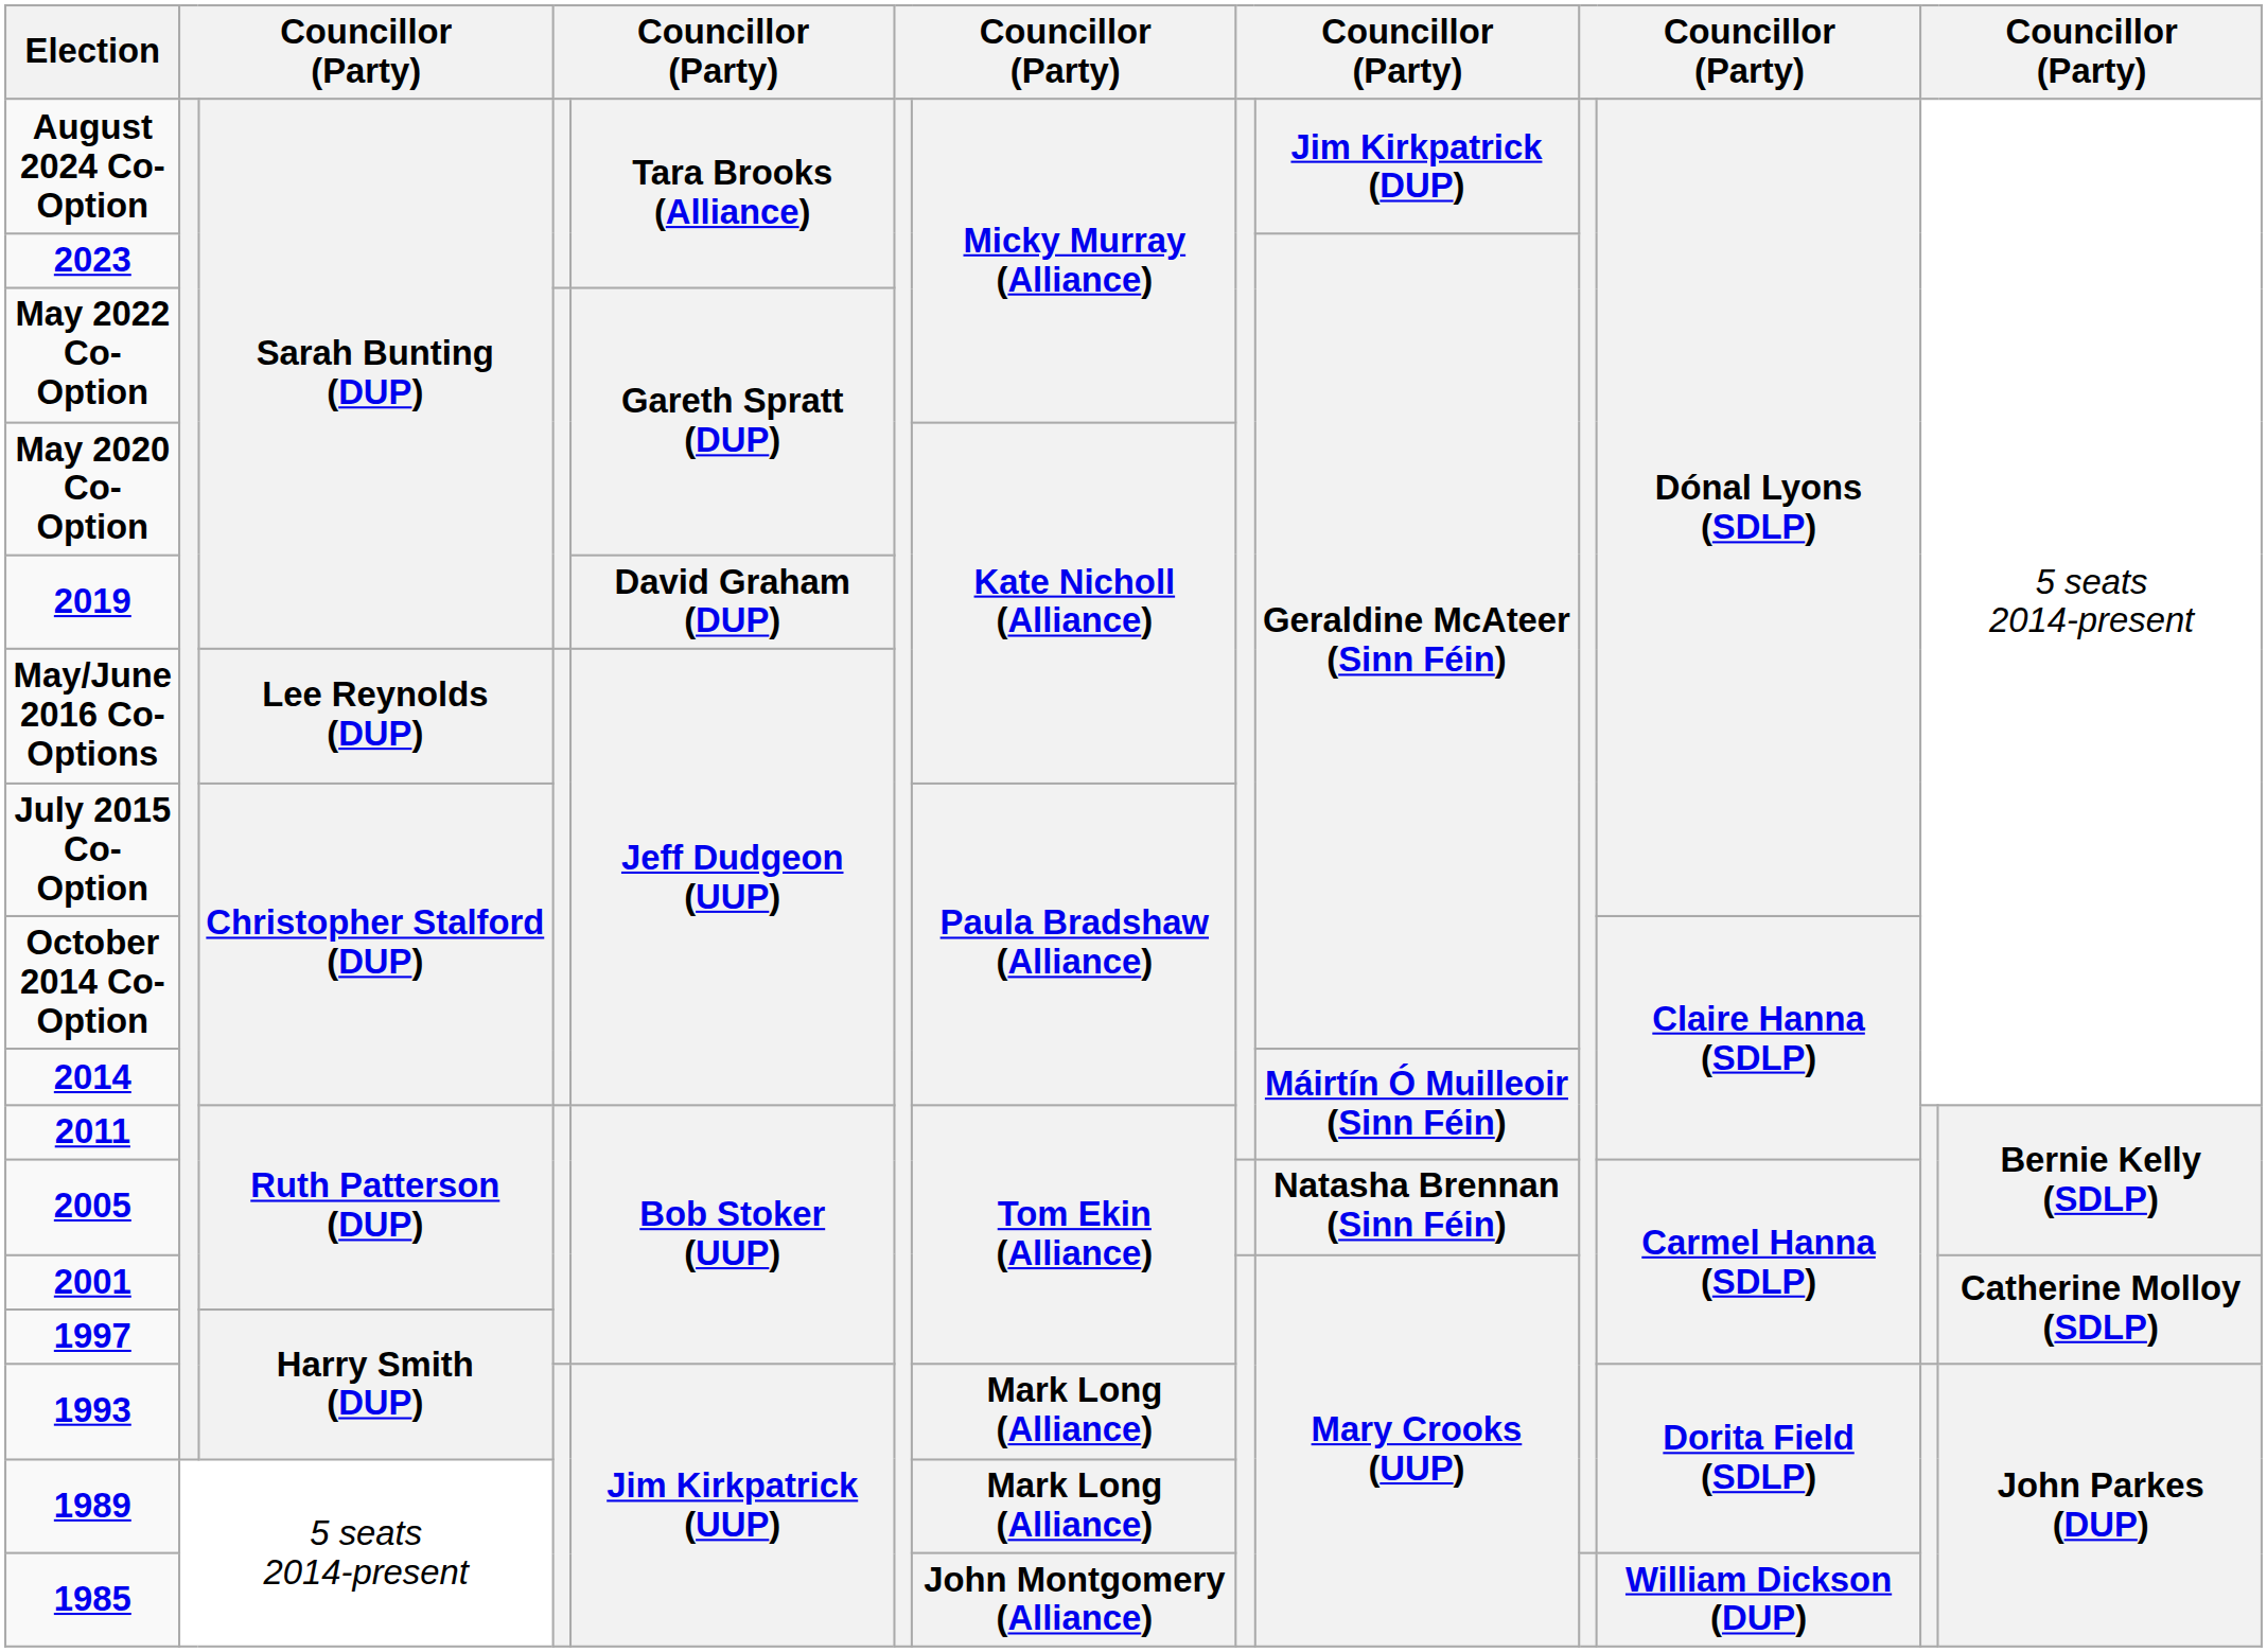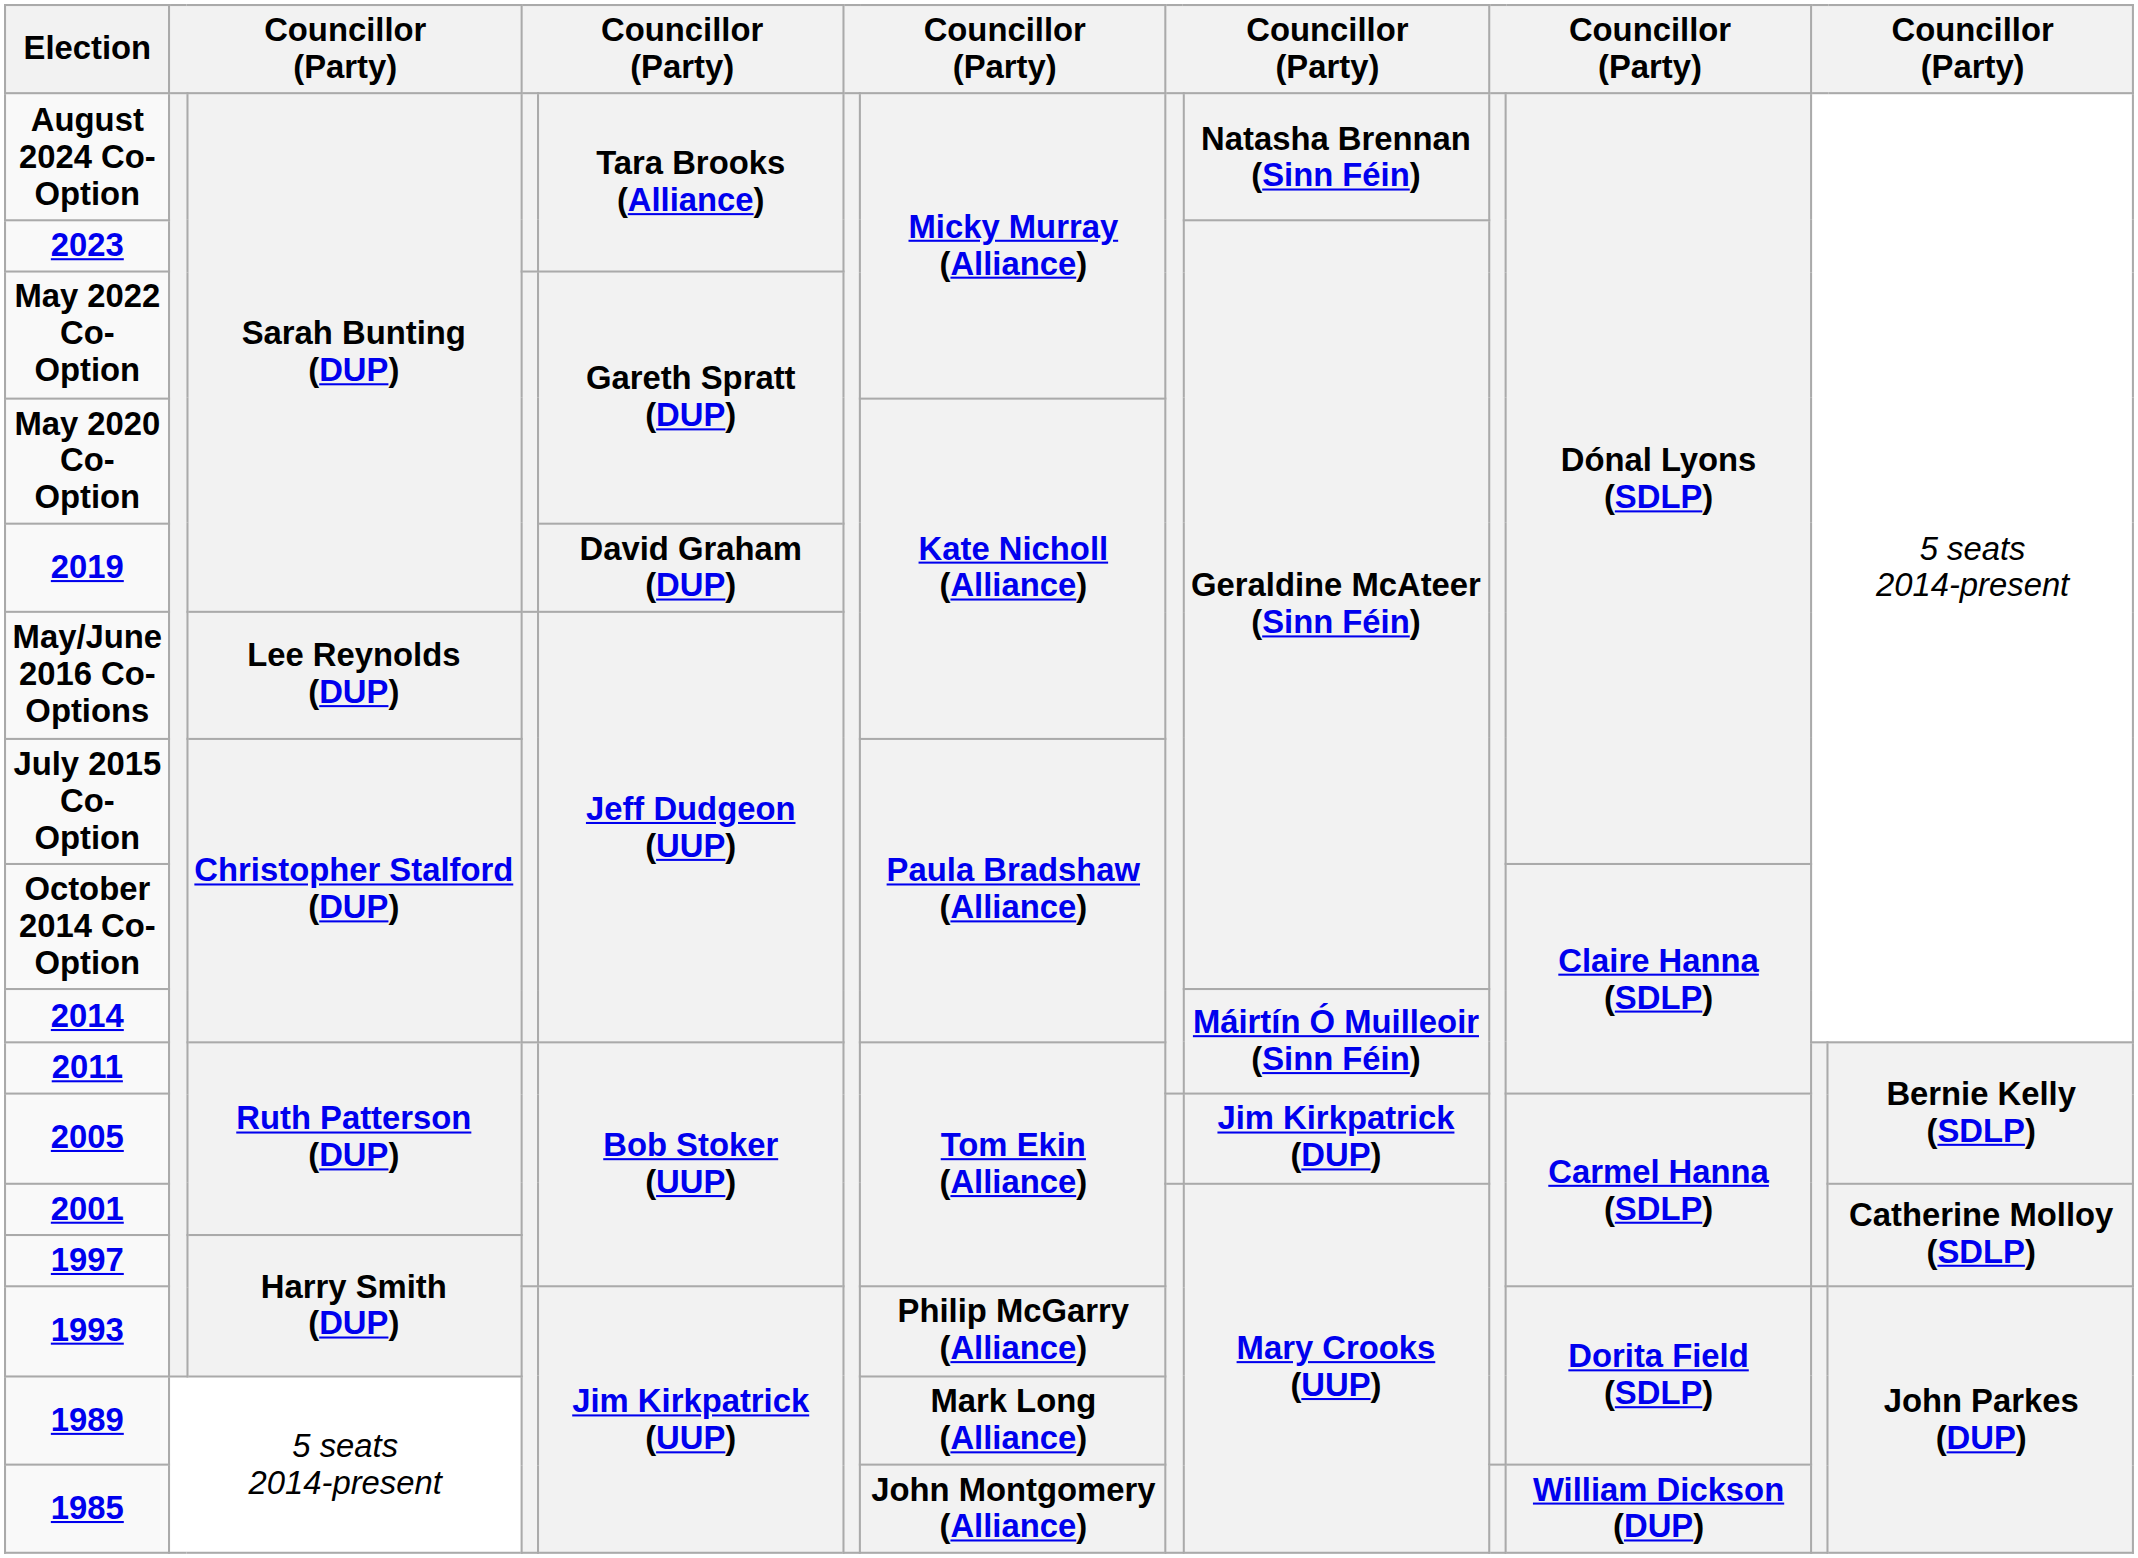 <table class="wikitable" style="text-align:center">
 <tr>
 <th scope="col" width="50">Election</th>
 <th scope="col" width="150" colspan = "2">Councillor<br> (Party)</th>
 <th scope="col" width="150" colspan = "2">Councillor<br> (Party)</th>
 <th scope="col" width="150" colspan = "2">Councillor<br> (Party)</th>
 <th scope="col" width="150" colspan = "2">Councillor<br> (Party)</th>
 <th scope="col" width="150" colspan = "2">Councillor<br> (Party)</th>
 <th scope="col" width="150" colspan = "2">Councillor<br> (Party)</th>
 </tr>
 <tr>
 <td><strong>August 2024 Co-Option</strong></td>
 <th rowspan="14" width="1" style="background-color: "></th>
 <th rowspan= "5">Sarah Bunting <br> (<a href='#'>DUP</a>)</th>
 <th rowspan="2" width="1" style="background-color: "></th>
 <th rowspan= "2">Tara Brooks <br> (<a href='#'>Alliance</a>)</th>
 <th rowspan="16" width="1" style="background-color: "></th>
 <th rowspan= "3"><a href='#'>Micky Murray</a> <br> (<a href='#'>Alliance</a>)</th>
 <th rowspan="10" width="1" style="background-color: "></th>
-<th rowspan= "1"><a href='#'>Jim Kirkpatrick</a> <br> (<a href='#'>DUP</a>)</th>
+<th rowspan= "1">Natasha Brennan <br> (<a href='#'>Sinn Féin</a>)</th>
 <th rowspan="15" width="1" style="background-color: "></th>
 <th rowspan= "7">Dónal Lyons <br> (<a href='#'>SDLP</a>)</th>
 <td colspan= "2" rowspan="9" style="background-color:#FFFFFF"><em>5 seats<br>2014-present</em></td>
 </tr>
 <tr>
 <td><strong><a href='#'>2023</a></strong></td>
 <th rowspan= "7">Geraldine McAteer <br> (<a href='#'>Sinn Féin</a>)</th>
 </tr>
 <tr>
 <td><strong>May 2022 Co-Option</strong></td>
 <th rowspan="3" width="1" style="background-color: "></th>
 <th rowspan= "2">Gareth Spratt <br> (<a href='#'>DUP</a>)</th>
 </tr>
 <tr>
 <td><strong>May 2020 Co-Option</strong></td>
 <th rowspan= "3"><a href='#'>Kate Nicholl</a> <br> (<a href='#'>Alliance</a>)</th>
 </tr>
 <tr>
 <td><strong><a href='#'>2019</a></strong></td>
 <th rowspan= "1">David Graham <br> (<a href='#'>DUP</a>)</th>
 </tr>
 <tr>
 <td><strong>May/June 2016 Co-Options</strong></td>
 <th rowspan= "1">Lee Reynolds <br> (<a href='#'>DUP</a>)</th>
 <th rowspan="4" width="1" style="background-color: "></th>
 <th rowspan= "4"><a href='#'>Jeff Dudgeon</a> <br> (<a href='#'>UUP</a>)</th>
 </tr>
 <tr>
 <td><strong>July 2015 Co-Option</strong></td>
 <th rowspan= "3"><a href='#'>Christopher Stalford</a> <br> (<a href='#'>DUP</a>)</th>
 <th rowspan= "3"><a href='#'>Paula Bradshaw</a> <br> (<a href='#'>Alliance</a>)</th>
 </tr>
 <tr>
 <td><strong>October 2014 Co-Option</strong></td>
 <th rowspan= "3"><a href='#'>Claire Hanna</a> <br> (<a href='#'>SDLP</a>)</th>
 </tr>
 <tr>
 <td><strong><a href='#'>2014</a></strong></td>
 <th rowspan= "2"><a href='#'>Máirtín Ó Muilleoir</a> <br> (<a href='#'>Sinn Féin</a>)</th>
 </tr>
 <tr>
 <td><strong><a href='#'>2011</a></strong></td>
 <th rowspan= "3"><a href='#'>Ruth Patterson</a><br> (<a href='#'>DUP</a>)</th>
 <th rowspan="4" width="1" style="background-color: "></th>
 <th rowspan= "4"><a href='#'>Bob Stoker</a> <br> (<a href='#'>UUP</a>)</th>
 <th rowspan= "4"><a href='#'>Tom Ekin</a> <br> (<a href='#'>Alliance</a>)</th>
 <th rowspan="4" width="1" style="background-color: "></th>
 <th rowspan= "2">Bernie Kelly <br> (<a href='#'>SDLP</a>)</th>
 </tr>
 <tr>
 <td><strong><a href='#'>2005</a></strong></td>
 <th rowspan="1" width="1" style="background-color: "></th>
-<th rowspan= "1">Natasha Brennan <br> (<a href='#'>Sinn Féin</a>)</th>
+<th rowspan= "1"><a href='#'>Jim Kirkpatrick</a> <br> (<a href='#'>DUP</a>)</th>
 <th rowspan= "3"><a href='#'>Carmel Hanna</a> <br> (<a href='#'>SDLP</a>)</th>
 </tr>
 <tr>
 <td><strong><a href='#'>2001</a></strong></td>
 <th rowspan="5" width="1" style="background-color: "></th>
 <th rowspan= "5"><a href='#'>Mary Crooks</a> <br> (<a href='#'>UUP</a>)</th>
 <th rowspan= "2">Catherine Molloy <br> (<a href='#'>SDLP</a>)</th>
 </tr>
 <tr>
 <td><strong><a href='#'>1997</a></strong></td>
 <th rowspan= "2">Harry Smith <br> (<a href='#'>DUP</a>)</th>
 </tr>
 <tr>
 <td><strong><a href='#'>1993</a></strong></td>
 <th rowspan="3" width="1" style="background-color: "></th>
 <th rowspan= "3"><a href='#'>Jim Kirkpatrick</a> <br> (<a href='#'>UUP</a>)</th>
-<th rowspan= "1">Mark Long <br> (<a href='#'>Alliance</a>)</th>
+<th rowspan= "1">Philip McGarry <br> (<a href='#'>Alliance</a>)</th>
 <th rowspan= "2"><a href='#'>Dorita Field</a> <br> (<a href='#'>SDLP</a>)</th>
 <th rowspan="3" width="1" style="background-color: "></th>
 <th rowspan= "3">John Parkes <br> (<a href='#'>DUP</a>)</th>
 </tr>
 <tr>
 <td><strong><a href='#'>1989</a></strong></td>
 <td colspan= "2" rowspan="2" style="background-color:#FFFFFF"><em>5 seats<br>2014-present</em></td>
 <th rowspan= "1">Mark Long <br> (<a href='#'>Alliance</a>)</th>
 </tr>
 <tr>
 <td><strong><a href='#'>1985</a></strong></td>
 <th rowspan= "1">John Montgomery <br> (<a href='#'>Alliance</a>)</th>
 <th rowspan="1" width="1" style="background-color: "></th>
 <th rowspan= "1"><a href='#'>William Dickson</a> <br> (<a href='#'>DUP</a>)</th>
 </tr>
 </table>
